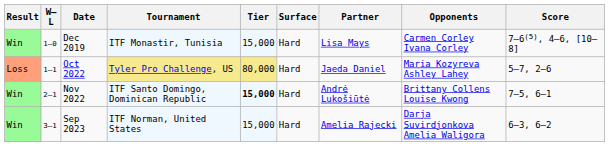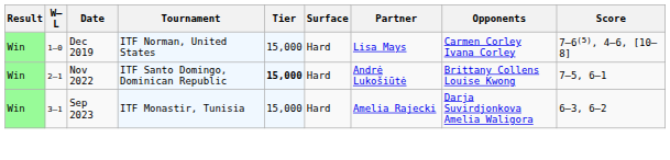 <table class="sortable wikitable">
 <tr>
 <th>Result</th>
 <th class="unsortable">W–L</th>
 <th>Date</th>
 <th>Tournament</th>
 <th>Tier</th>
 <th>Surface</th>
 <th>Partner</th>
 <th>Opponents</th>
 <th class="unsortable">Score</th>
 </tr>
 <tr>
 <td style="background:#98fb98;">Win</td>
 <td><small>1–0</small></td>
 <td>Dec 2019</td>
-<td style="background:#f0f8ff;">ITF Monastir, Tunisia</td>
+<td style="background:#f0f8ff;">ITF Norman, United States</td>
 <td style="background:#f0f8ff;">15,000</td>
 <td>Hard</td>
 <td> <a href='#'>Lisa Mays</a></td>
 <td> <a href='#'>Carmen Corley</a><br> <a href='#'>Ivana Corley</a></td>
 <td>7–6<sup>(5)</sup>, 4–6, [10–8]</td>
-</tr>
-<tr>
-<td style="background:#ffa07a;">Loss</td>
-<td><small>1–1</small></td>
-<td><a href='#'>Oct 2022</a></td>
-<td style="background:#f7e98e;"><a href='#'>Tyler Pro Challenge</a>, US</td>
-<td style="background:#f7e98e;">80,000</td>
-<td>Hard</td>
-<td> <a href='#'>Jaeda Daniel</a></td>
-<td> <a href='#'>Maria Kozyreva</a><br> <a href='#'>Ashley Lahey</a></td>
-<td>5–7, 2–6</td>
 </tr>
 <tr>
 <td style="background:#98fb98;">Win</td>
 <td><small>2–1</small></td>
 <td>Nov 2022</td>
 <td style="background:#f0f8ff;">ITF Santo Domingo, <br>Dominican Republic</td>
 <td style="background:#f0f8ff;"><strong>15,000</strong></td>
 <td>Hard</td>
 <td> <a href='#'>Andrė Lukošiūtė</a></td>
 <td> <a href='#'>Brittany Collens</a><br> <a href='#'>Louise Kwong</a></td>
 <td>7–5, 6–1</td>
 </tr>
 <tr>
 <td style="background:#98fb98;">Win</td>
 <td><small>3–1</small></td>
 <td>Sep 2023</td>
-<td style="background:#f0f8ff;">ITF Norman, United States</td>
+<td style="background:#f0f8ff;">ITF Monastir, Tunisia</td>
 <td style="background:#f0f8ff;">15,000</td>
 <td>Hard</td>
 <td> <a href='#'>Amelia Rajecki</a></td>
 <td> <a href='#'>Darja Suvirdjonkova</a><br> <a href='#'>Amelia Waligora</a></td>
 <td>6–3, 6–2</td>
 </tr>
 </table>
